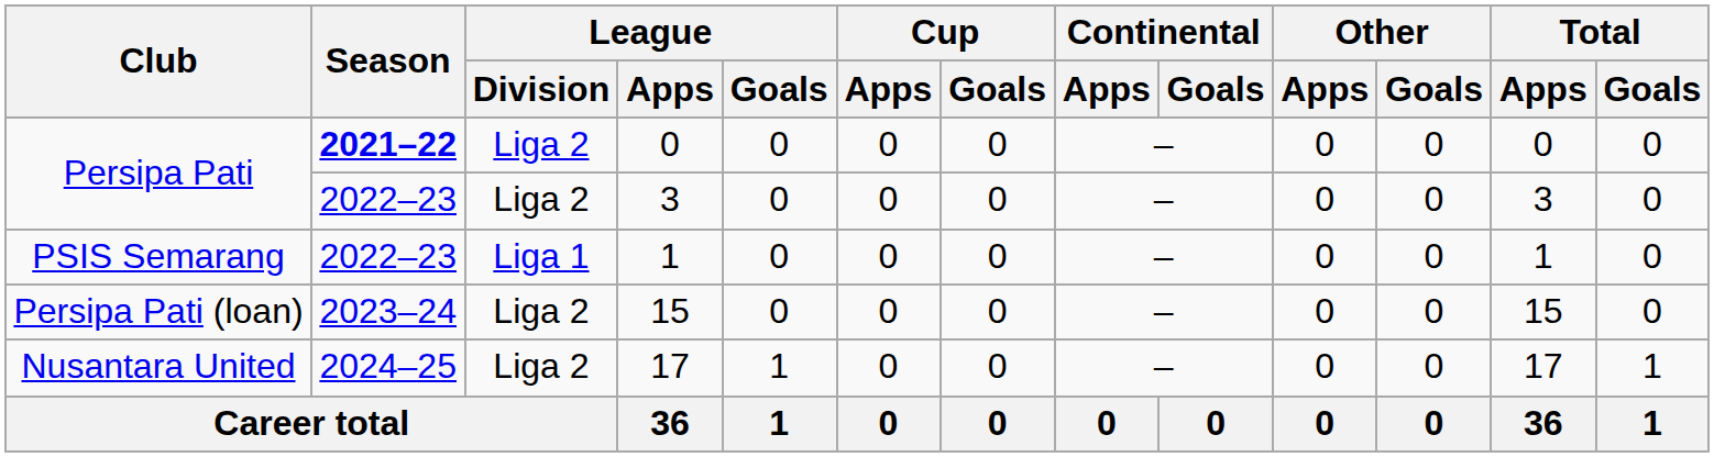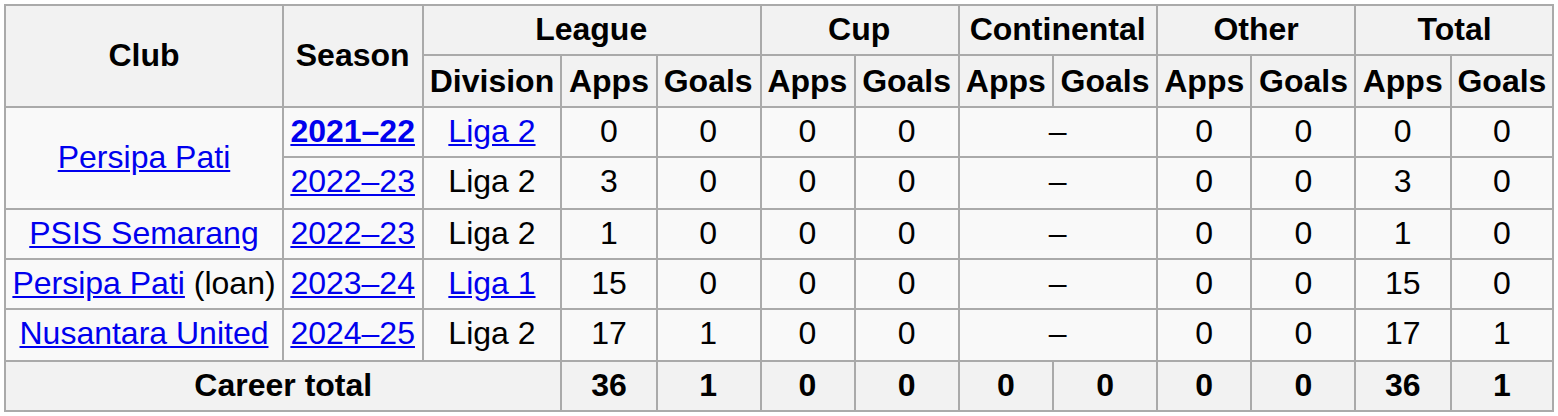 <table class="wikitable" style="text-align: center">
 <tr>
 <th rowspan="2">Club</th>
 <th rowspan="2">Season</th>
 <th colspan="3">League</th>
 <th colspan="2">Cup</th>
 <th colspan="2">Continental</th>
 <th colspan="2">Other</th>
 <th colspan="2">Total</th>
 </tr>
 <tr>
 <th>Division</th>
 <th>Apps</th>
 <th>Goals</th>
 <th>Apps</th>
 <th>Goals</th>
 <th>Apps</th>
 <th>Goals</th>
 <th>Apps</th>
 <th>Goals</th>
 <th>Apps</th>
 <th>Goals</th>
 </tr>
 <tr>
 <td rowspan="2"><a href='#'>Persipa Pati</a></td>
 <td><strong><a href='#'>2021–22</a></strong></td>
 <td><a href='#'>Liga 2</a></td>
 <td>0</td>
 <td>0</td>
 <td>0</td>
 <td>0</td>
 <td colspan="2">–</td>
 <td>0</td>
 <td>0</td>
 <td>0</td>
 <td>0</td>
 </tr>
 <tr>
 <td><a href='#'>2022–23</a></td>
 <td>Liga 2</td>
 <td>3</td>
 <td>0</td>
 <td>0</td>
 <td>0</td>
 <td colspan="2">–</td>
 <td>0</td>
 <td>0</td>
 <td>3</td>
 <td>0</td>
 </tr>
 <tr>
 <td><a href='#'>PSIS Semarang</a></td>
 <td><a href='#'>2022–23</a></td>
-<td><a href='#'>Liga 1</a></td>
+<td>Liga 2</td>
 <td>1</td>
 <td>0</td>
 <td>0</td>
 <td>0</td>
 <td colspan="2">–</td>
 <td>0</td>
 <td>0</td>
 <td>1</td>
 <td>0</td>
 </tr>
 <tr>
 <td><a href='#'>Persipa Pati</a> (loan)</td>
 <td><a href='#'>2023–24</a></td>
-<td>Liga 2</td>
+<td><a href='#'>Liga 1</a></td>
 <td>15</td>
 <td>0</td>
 <td>0</td>
 <td>0</td>
 <td colspan="2">–</td>
 <td>0</td>
 <td>0</td>
 <td>15</td>
 <td>0</td>
 </tr>
 <tr>
 <td rowspan="1"><a href='#'>Nusantara United</a></td>
 <td><a href='#'>2024–25</a></td>
 <td>Liga 2</td>
 <td>17</td>
 <td>1</td>
 <td>0</td>
 <td>0</td>
 <td colspan="2">–</td>
 <td>0</td>
 <td>0</td>
 <td>17</td>
 <td>1</td>
 </tr>
 <tr>
 <th colspan="3">Career total</th>
 <th>36</th>
 <th>1</th>
 <th>0</th>
 <th>0</th>
 <th>0</th>
 <th>0</th>
 <th>0</th>
 <th>0</th>
 <th>36</th>
 <th>1</th>
 </tr>
 </table>
